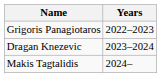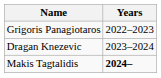 <table class="wikitable">
 <tr>
 <th>Name</th>
 <th>Years</th>
 </tr>
 <tr>
 <td> Grigoris Panagiotaros</td>
 <td>2022–2023</td>
 </tr>
 <tr>
 <td> Dragan Knezevic</td>
 <td>2023–2024</td>
 </tr>
 <tr>
 <td> Makis Tagtalidis</td>
-<td>2024–</td>
+<td><strong>2024–</strong></td>
 </tr>
 </table>
